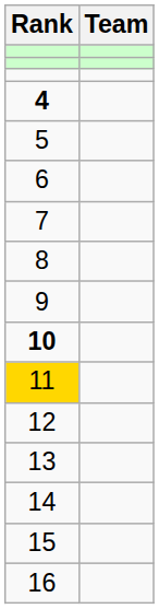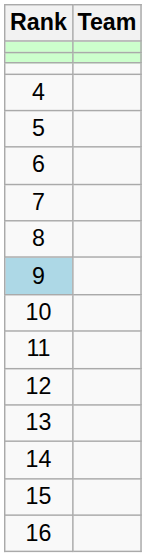 <table class="wikitable" style="text-align: center">
 <tr>
 <th>Rank</th>
 <th>Team</th>
 </tr>
 <tr bgcolor=ccffcc>
 <td></td>
 <td align=left></td>
 </tr>
 <tr bgcolor=ccffcc>
 <td></td>
 <td align=left></td>
 </tr>
 <tr>
 <td></td>
 <td align=left></td>
 </tr>
 <tr>
-<td><strong>4</strong></td>
+<td>4</td>
 <td align=left></td>
 </tr>
 <tr>
 <td>5</td>
 <td align=left></td>
 </tr>
 <tr>
 <td>6</td>
 <td align=left></td>
 </tr>
 <tr>
 <td>7</td>
 <td align=left></td>
 </tr>
 <tr>
 <td>8</td>
 <td align=left></td>
 </tr>
 <tr>
-<td>9</td>
+<td style="background: lightblue;">9</td>
 <td align=left></td>
 </tr>
 <tr>
-<td><strong>10</strong></td>
+<td>10</td>
 <td align=left></td>
 </tr>
 <tr>
-<td style="background: gold;">11</td>
+<td>11</td>
 <td align=left></td>
 </tr>
 <tr>
 <td>12</td>
 <td align=left></td>
 </tr>
 <tr>
 <td>13</td>
 <td align=left></td>
 </tr>
 <tr>
 <td>14</td>
 <td align=left></td>
 </tr>
 <tr>
 <td>15</td>
 <td align=left></td>
 </tr>
 <tr>
 <td>16</td>
 <td align=left></td>
 </tr>
 </table>
